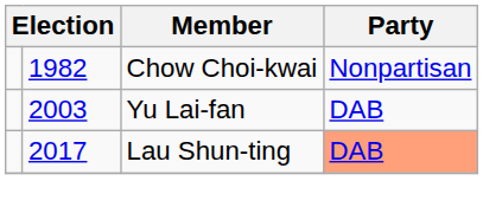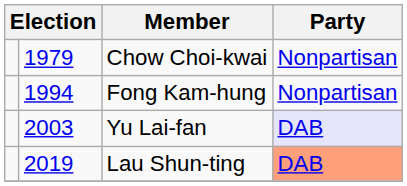 <table class="wikitable">
 <tr>
 <th colspan="2">Election</th>
 <th>Member</th>
 <th>Party</th>
 </tr>
 <tr>
 <td style="color:inherit;background:"></td>
-<td><a href='#'>1982</a></td>
+<td><a href='#'>1979</a></td>
 <td>Chow Choi-kwai</td>
+<td><a href='#'>Nonpartisan</a></td>
+</tr>
+<tr>
+<td style="color:inherit;background:"></td>
+<td><a href='#'>1994</a></td>
+<td>Fong Kam-hung</td>
 <td><a href='#'>Nonpartisan</a></td>
 </tr>
 <tr>
 <td style="color:inherit;background:"></td>
 <td><a href='#'>2003</a></td>
 <td>Yu Lai-fan</td>
-<td><a href='#'>DAB</a></td>
+<td style="background: lavender;"><a href='#'>DAB</a></td>
 </tr>
 <tr>
 <td style="color:inherit;background:"></td>
-<td><a href='#'>2017</a></td>
+<td><a href='#'>2019</a></td>
 <td>Lau Shun-ting</td>
 <td style="background: lightsalmon;"><a href='#'>DAB</a></td>
 </tr>
 <tr>
 </tr>
 </table>
